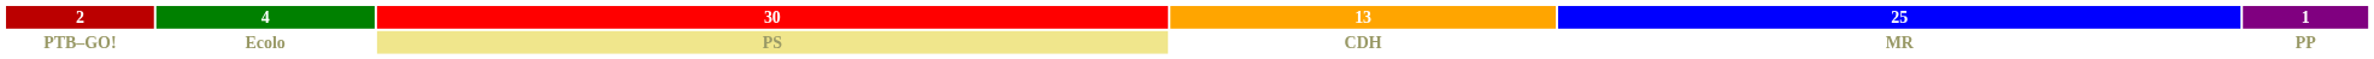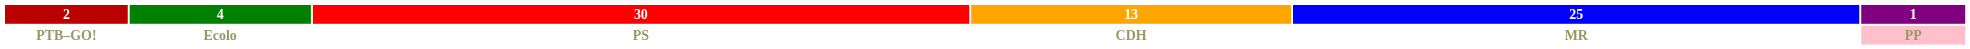 <table style="width:100%; font-size:88%; text-align:center;">
 <tr style="font-weight:bold">
 <td style="background:#BB0000; width:5.79%; color:white">2</td>
 <td style="background:green; width:8.53%; color:white">4</td>
 <td style="background:red; width:30.96%; color:white">30</td>
 <td style="background:orange; width:15.09%; color:white">13</td>
 <td style="background:blue; width:26.71%; color:white">25</td>
 <td style="background:purple; width:4.89%; color:white">1</td>
 </tr>
 <tr style="font-weight:bold; color:#996;">
 <td>PTB–GO!</td>
 <td>Ecolo</td>
-<td style="background: khaki;">PS</td>
+<td>PS</td>
 <td>CDH</td>
 <td>MR</td>
-<td>PP</td>
+<td style="background: pink;">PP</td>
 </tr>
 </table>
